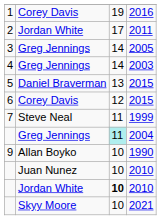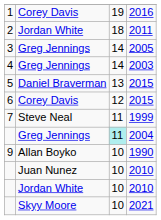 <table class="wikitable">
 <tr>
 </tr>
 <tr>
 <td>1</td>
 <td><a href='#'>Corey Davis</a></td>
 <td>19</td>
 <td><a href='#'>2016</a></td>
 </tr>
 <tr>
 <td>2</td>
 <td><a href='#'>Jordan White</a></td>
-<td>17</td>
+<td>18</td>
 <td><a href='#'>2011</a></td>
 </tr>
 <tr>
 <td>3</td>
 <td><a href='#'>Greg Jennings</a></td>
 <td>14</td>
 <td><a href='#'>2005</a></td>
 </tr>
 <tr>
 <td>4</td>
 <td><a href='#'>Greg Jennings</a></td>
 <td>14</td>
 <td><a href='#'>2003</a></td>
 </tr>
 <tr>
 <td>5</td>
 <td><a href='#'>Daniel Braverman</a></td>
 <td>13</td>
 <td><a href='#'>2015</a></td>
 </tr>
 <tr>
 <td>6</td>
 <td><a href='#'>Corey Davis</a></td>
 <td>12</td>
 <td><a href='#'>2015</a></td>
 </tr>
 <tr>
 <td>7</td>
 <td>Steve Neal</td>
 <td>11</td>
 <td><a href='#'>1999</a></td>
 </tr>
 <tr>
 <td></td>
 <td><a href='#'>Greg Jennings</a></td>
 <td style="background: paleturquoise;">11</td>
 <td><a href='#'>2004</a></td>
 </tr>
 <tr>
 <td>9</td>
 <td>Allan Boyko</td>
 <td>10</td>
 <td><a href='#'>1990</a></td>
 </tr>
 <tr>
 <td></td>
 <td>Juan Nunez</td>
 <td>10</td>
 <td><a href='#'>2010</a></td>
 </tr>
 <tr>
 <td></td>
 <td><a href='#'>Jordan White</a></td>
-<td><strong>10</strong></td>
+<td>10</td>
 <td><a href='#'>2010</a></td>
 </tr>
 <tr>
 <td></td>
 <td><a href='#'>Skyy Moore</a></td>
 <td>10</td>
 <td><a href='#'>2021</a></td>
 </tr>
 </table>
